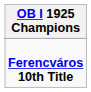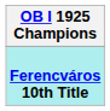 <table class="wikitable" style="text-align: center; margin: 0 auto;">
 <tr>
 <th><a href='#'>OB I</a> 1925<br>Champions</th>
 </tr>
 <tr>
 </tr>
 <tr>
-<td> <br><strong><a href='#'>Ferencváros</a></strong><br><strong>10th Title</strong></td>
+<td style="background: paleturquoise;"> <br><strong><a href='#'>Ferencváros</a></strong><br><strong>10th Title</strong></td>
 </tr>
 </table>
